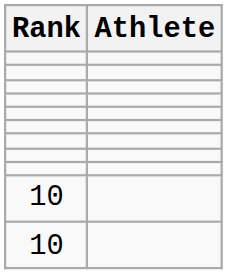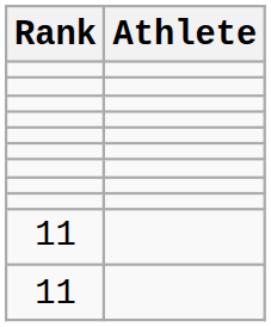 <table class="wikitable sortable" style="text-align:center">
 <tr>
 <th>Rank</th>
 <th>Athlete</th>
 </tr>
 <tr>
 <td></td>
 <td align=left></td>
 </tr>
 <tr>
 <td></td>
 <td align=left></td>
 </tr>
 <tr>
 <td></td>
 <td align=left></td>
 </tr>
 <tr>
 <td></td>
 <td align=left></td>
 </tr>
 <tr>
 <td></td>
 <td align=left></td>
 </tr>
 <tr>
 <td></td>
 <td align=left></td>
 </tr>
 <tr>
 <td></td>
 <td align=left></td>
 </tr>
 <tr>
 <td></td>
 <td align=left></td>
 </tr>
 <tr>
 <td></td>
 <td align=left></td>
 </tr>
 <tr>
-<td>10</td>
+<td>11</td>
 <td align=left></td>
 </tr>
 <tr>
-<td>10</td>
+<td>11</td>
 <td align=left></td>
 </tr>
 </table>
